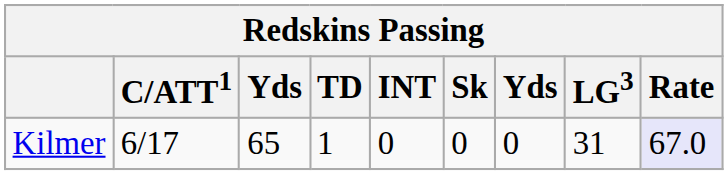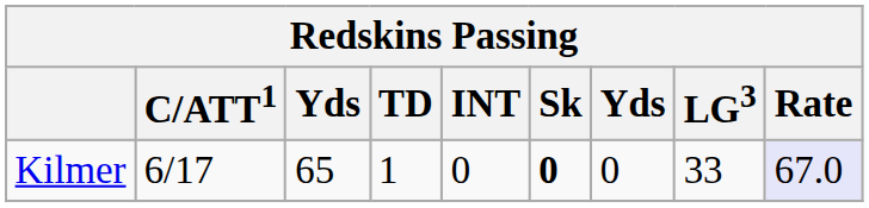 <table class="wikitable">
 <tr>
 <th colspan="9">Redskins Passing</th>
 </tr>
 <tr>
 <th></th>
 <th>C/ATT<sup>1</sup></th>
 <th>Yds</th>
 <th>TD</th>
 <th>INT</th>
 <th>Sk</th>
 <th>Yds</th>
 <th>LG<sup>3</sup></th>
 <th>Rate</th>
 </tr>
 <tr>
 <td><a href='#'>Kilmer</a></td>
 <td>6/17</td>
 <td>65</td>
 <td>1</td>
 <td>0</td>
+<td><strong>0</strong></td>
 <td>0</td>
-<td>0</td>
-<td>31</td>
+<td>33</td>
 <td style="background: lavender;">67.0</td>
 </tr>
 </table>
